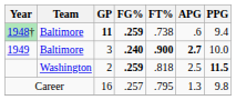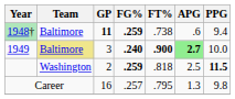 <table class="wikitable sortable" style="font-size:95%; text-align:right;">
 <tr>
 <th>Year</th>
 <th>Team</th>
 <th>GP</th>
 <th>FG%</th>
 <th>FT%</th>
 <th>APG</th>
 <th>PPG</th>
 </tr>
 <tr>
 <td style="text-align:left; background:#afe6ba;"><a href='#'>1948</a>†</td>
 <td style="text-align:left;"><a href='#'>Baltimore</a></td>
 <td><strong>11</strong></td>
 <td><strong>.259</strong></td>
 <td>.738</td>
 <td>.6</td>
 <td>9.4</td>
 </tr>
 <tr>
 <td style="text-align:left;"><a href='#'>1949</a></td>
-<td style="text-align:left;"><a href='#'>Baltimore</a></td>
+<td style="background: khaki; text-align:left;"><a href='#'>Baltimore</a></td>
 <td>3</td>
 <td><strong>.240</strong></td>
 <td><strong>.900</strong></td>
-<td><strong>2.7</strong></td>
+<td style="background: lightgreen;"><strong>2.7</strong></td>
 <td>10.0</td>
 </tr>
 <tr>
 <td style="text-align:left;"></td>
 <td style="text-align:left;"><a href='#'>Washington</a></td>
 <td>2</td>
 <td><strong>.259</strong></td>
 <td>.818</td>
 <td>2.5</td>
 <td><strong>11.5</strong></td>
 </tr>
 <tr>
 <td style="text-align:center;" colspan="2">Career</td>
 <td>16</td>
 <td>.257</td>
 <td>.795</td>
 <td>1.3</td>
 <td>9.8</td>
 </tr>
 <tr>
 </tr>
 </table>
